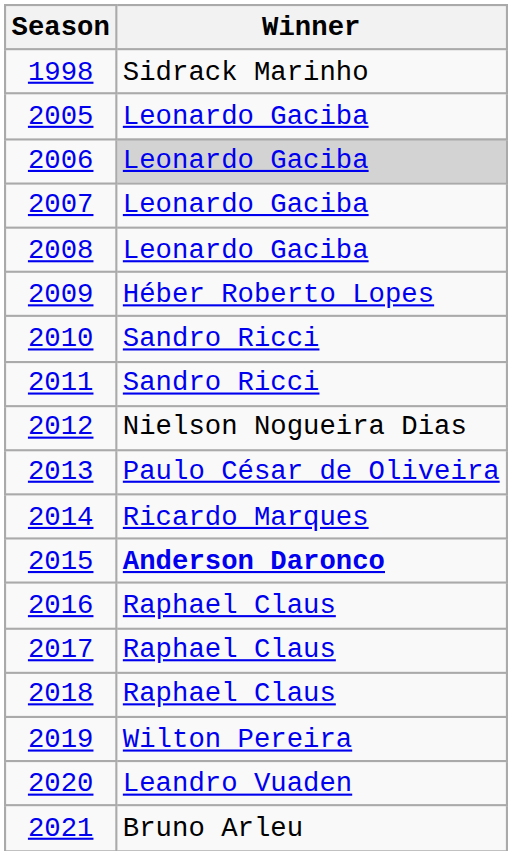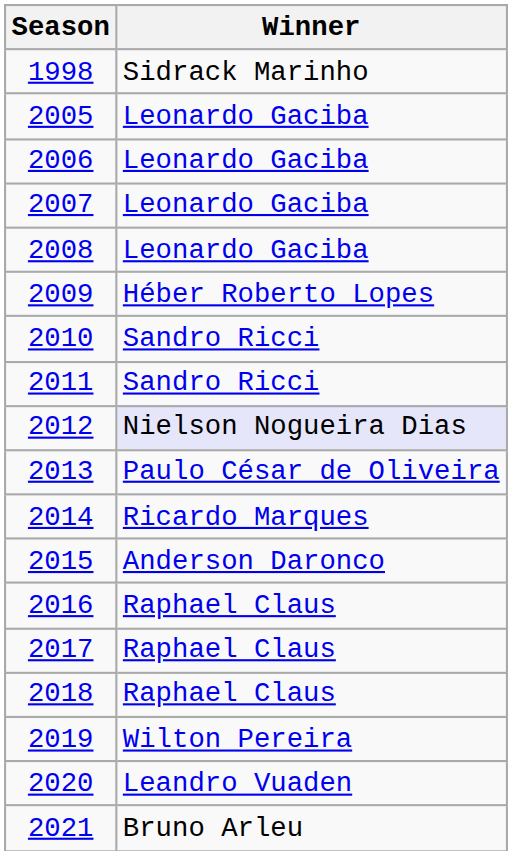 <table class="wikitable">
 <tr>
 <th>Season</th>
 <th>Winner</th>
 </tr>
 <tr>
 <td align="center"><a href='#'>1998</a></td>
 <td> Sidrack Marinho</td>
 </tr>
 <tr>
 <td align="center"><a href='#'>2005</a></td>
 <td> <a href='#'>Leonardo Gaciba</a></td>
 </tr>
 <tr>
 <td align="center"><a href='#'>2006</a></td>
-<td style="background: lightgrey;"> <a href='#'>Leonardo Gaciba</a></td>
+<td> <a href='#'>Leonardo Gaciba</a></td>
 </tr>
 <tr>
 <td align="center"><a href='#'>2007</a></td>
 <td> <a href='#'>Leonardo Gaciba</a></td>
 </tr>
 <tr>
 <td align="center"><a href='#'>2008</a></td>
 <td> <a href='#'>Leonardo Gaciba</a></td>
 </tr>
 <tr>
 <td align="center"><a href='#'>2009</a></td>
 <td> <a href='#'>Héber Roberto Lopes</a></td>
 </tr>
 <tr>
 <td align="center"><a href='#'>2010</a></td>
 <td> <a href='#'>Sandro Ricci</a></td>
 </tr>
 <tr>
 <td align="center"><a href='#'>2011</a></td>
 <td> <a href='#'>Sandro Ricci</a></td>
 </tr>
 <tr>
 <td align="center"><a href='#'>2012</a></td>
-<td> Nielson Nogueira Dias</td>
+<td style="background: lavender;"> Nielson Nogueira Dias</td>
 </tr>
 <tr>
 <td align="center"><a href='#'>2013</a></td>
 <td> <a href='#'>Paulo César de Oliveira</a></td>
 </tr>
 <tr>
 <td align="center"><a href='#'>2014</a></td>
 <td> <a href='#'>Ricardo Marques</a></td>
 </tr>
 <tr>
 <td align="center"><a href='#'>2015</a></td>
-<td><strong> <a href='#'>Anderson Daronco</a></strong></td>
+<td> <a href='#'>Anderson Daronco</a></td>
 </tr>
 <tr>
 <td align="center"><a href='#'>2016</a></td>
 <td> <a href='#'>Raphael Claus</a></td>
 </tr>
 <tr>
 <td align="center"><a href='#'>2017</a></td>
 <td> <a href='#'>Raphael Claus</a></td>
 </tr>
 <tr>
 <td align="center"><a href='#'>2018</a></td>
 <td> <a href='#'>Raphael Claus</a></td>
 </tr>
 <tr>
 <td align="center"><a href='#'>2019</a></td>
 <td> <a href='#'>Wilton Pereira</a></td>
 </tr>
 <tr>
 <td align="center"><a href='#'>2020</a></td>
 <td> <a href='#'>Leandro Vuaden</a></td>
 </tr>
 <tr>
 <td align="center"><a href='#'>2021</a></td>
 <td> Bruno Arleu</td>
 </tr>
 </table>
